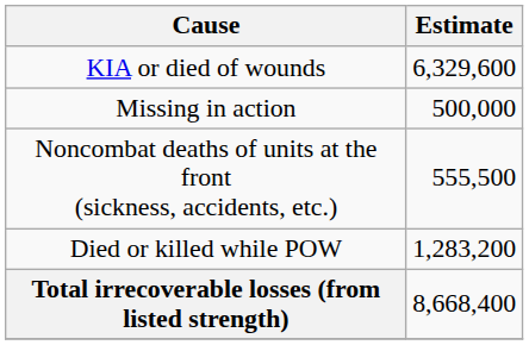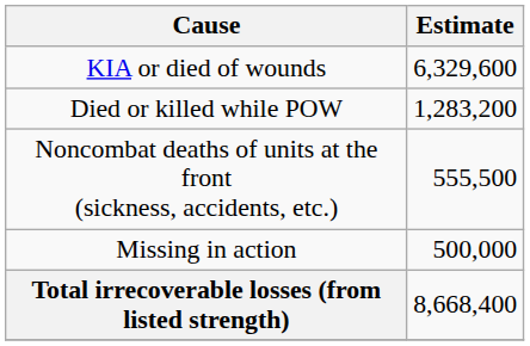 <table class="wikitable">
 <tr>
 <th>Cause</th>
 <th>Estimate</th>
 </tr>
 <tr>
 <td style="text-align:center; width:240px;"><a href='#'>KIA</a> or died of wounds</td>
 <td style="text-align:right;">6,329,600</td>
 </tr>
 <tr>
-<td style="text-align:center;">Missing in action</td>
-<td style="text-align:right;">500,000</td>
+<td style="text-align:center;">Died or killed while POW</td>
+<td style="text-align:right;">1,283,200</td>
 </tr>
 <tr>
 <td style="text-align:center;">Noncombat deaths of units at the front<br>(sickness, accidents, etc.)</td>
 <td style="text-align:right;">555,500</td>
 </tr>
 <tr>
-<td style="text-align:center;">Died or killed while POW</td>
-<td style="text-align:right;">1,283,200</td>
+<td style="text-align:center;">Missing in action</td>
+<td style="text-align:right;">500,000</td>
 </tr>
 <tr>
 <th>Total irrecoverable losses (from listed strength)</th>
 <td style="text-align:right;">8,668,400</td>
 </tr>
 <tr>
 </tr>
 </table>
